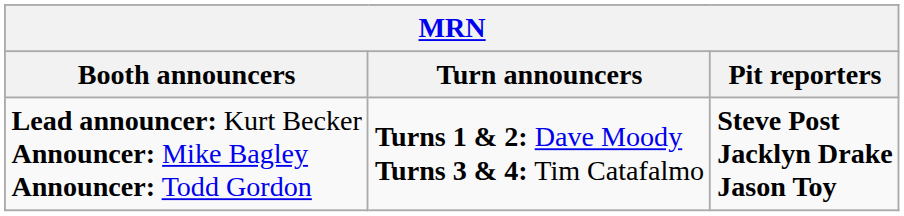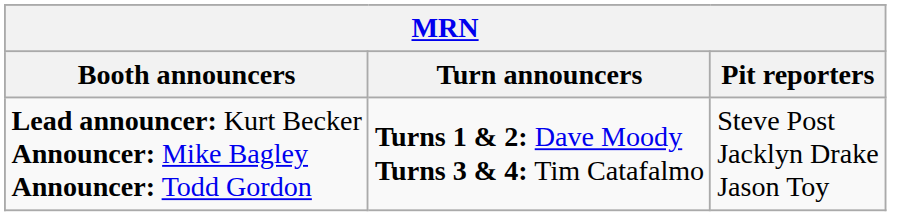 <table class="wikitable" style="font-size: 95%">
 <tr>
 <th colspan="3"><a href='#'>MRN</a></th>
 </tr>
 <tr>
 <th>Booth announcers</th>
 <th>Turn announcers</th>
 <th>Pit reporters</th>
 </tr>
 <tr>
 <td><strong>Lead announcer:</strong> Kurt Becker<br><strong>Announcer:</strong> <a href='#'>Mike Bagley</a><br><strong>Announcer:</strong> <a href='#'>Todd Gordon</a></td>
 <td><strong>Turns 1 & 2:</strong> <a href='#'>Dave Moody</a><br><strong>Turns 3 & 4:</strong> Tim Catafalmo</td>
-<td><strong>Steve Post<br>Jacklyn Drake<br>Jason Toy</strong></td>
+<td>Steve Post<br>Jacklyn Drake<br>Jason Toy</td>
 </tr>
 </table>
